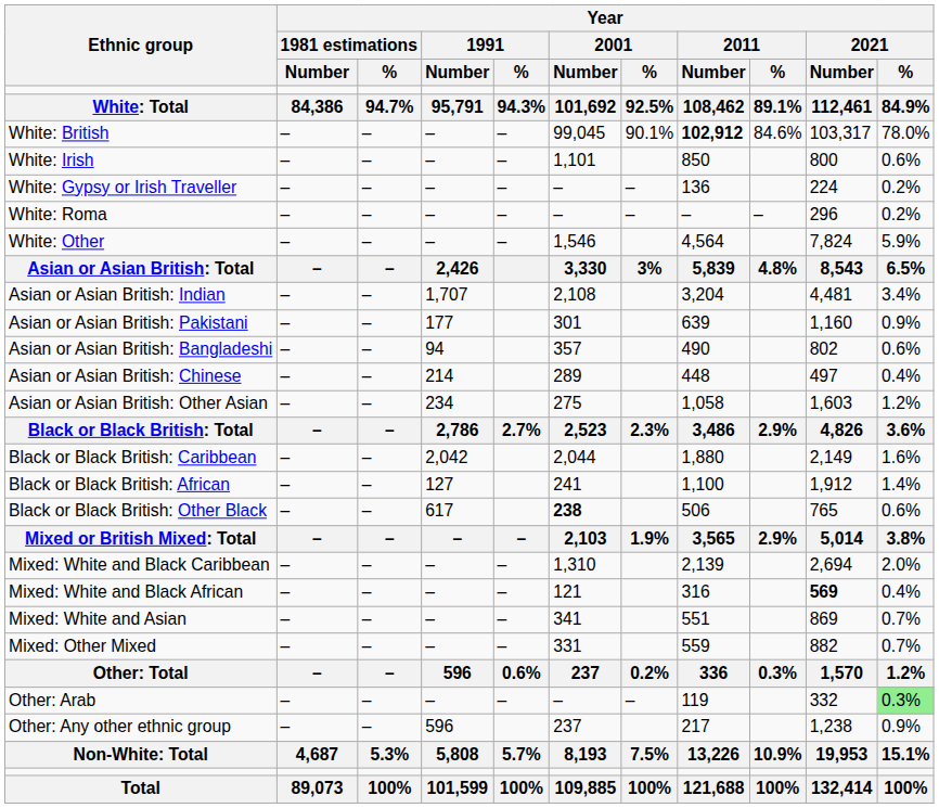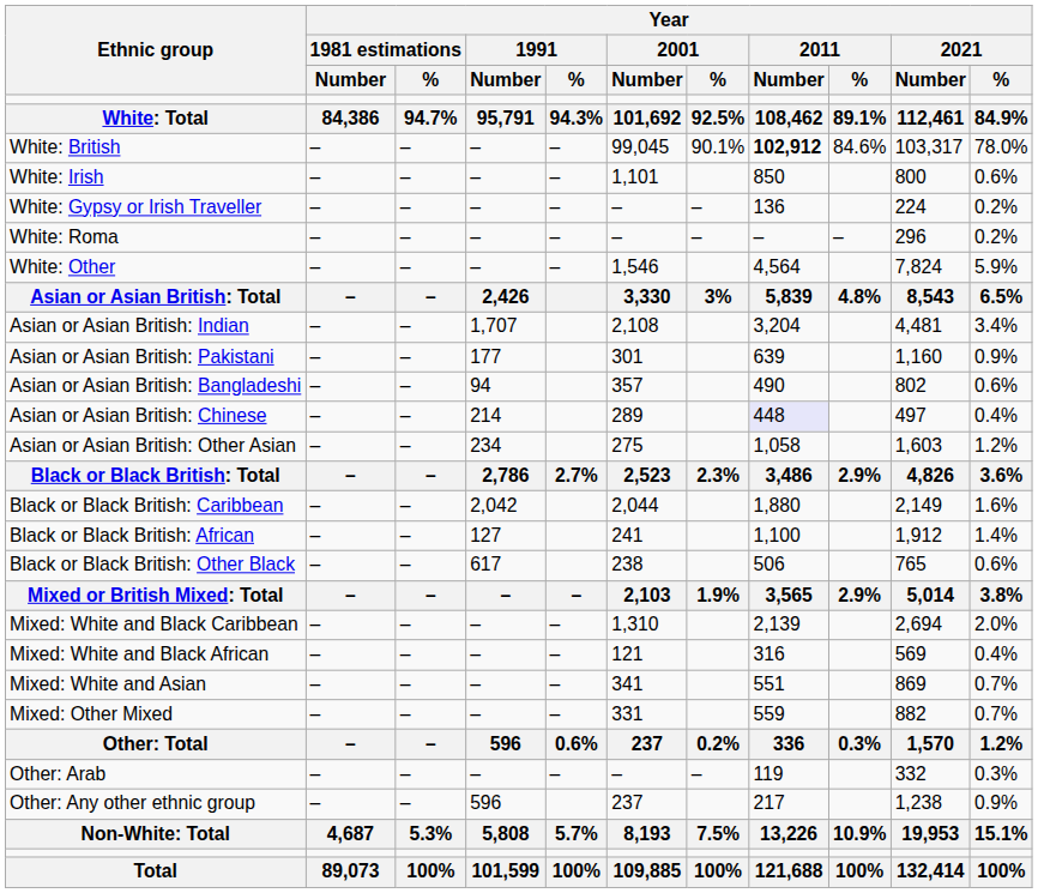 <table class="wikitable sortable mw-collapsible mw-collapsed">
 <tr>
 <th rowspan="3">Ethnic group</th>
 <th colspan="10">Year</th>
 </tr>
 <tr>
 <th colspan="2">1981 estimations</th>
 <th colspan="2">1991</th>
 <th colspan="2">2001</th>
 <th colspan="2">2011</th>
 <th colspan="2">2021</th>
 </tr>
 <tr>
 <th>Number</th>
 <th>%</th>
 <th>Number</th>
 <th>%</th>
 <th>Number</th>
 <th>%</th>
 <th>Number</th>
 <th>%</th>
 <th>Number</th>
 <th>%</th>
 </tr>
 <tr>
 <td></td>
 <td></td>
 <td></td>
 <td></td>
 <td></td>
 <td></td>
 <td></td>
 <td></td>
 <td></td>
 <td></td>
 <td></td>
 </tr>
 <tr>
 <th><a href='#'>White</a>: Total</th>
 <th>84,386</th>
 <th>94.7%</th>
 <th>95,791</th>
 <th>94.3%</th>
 <th>101,692</th>
 <th>92.5%</th>
 <th>108,462</th>
 <th>89.1%</th>
 <th>112,461</th>
 <th>84.9%</th>
 </tr>
 <tr>
 <td>White: <a href='#'>British</a></td>
 <td>–</td>
 <td>–</td>
 <td>–</td>
 <td>–</td>
 <td>99,045</td>
 <td>90.1%</td>
 <td><strong>102,912</strong></td>
 <td>84.6%</td>
 <td>103,317</td>
 <td>78.0%</td>
 </tr>
 <tr>
 <td>White: <a href='#'>Irish</a></td>
 <td>–</td>
 <td>–</td>
 <td>–</td>
 <td>–</td>
 <td>1,101</td>
 <td></td>
 <td>850</td>
 <td></td>
 <td>800</td>
 <td>0.6%</td>
 </tr>
 <tr>
 <td>White: <a href='#'>Gypsy or Irish Traveller</a></td>
 <td>–</td>
 <td>–</td>
 <td>–</td>
 <td>–</td>
 <td>–</td>
 <td>–</td>
 <td>136</td>
 <td></td>
 <td>224</td>
 <td>0.2%</td>
 </tr>
 <tr>
 <td>White: Roma</td>
 <td>–</td>
 <td>–</td>
 <td>–</td>
 <td>–</td>
 <td>–</td>
 <td>–</td>
 <td>–</td>
 <td>–</td>
 <td>296</td>
 <td>0.2%</td>
 </tr>
 <tr>
 <td>White: <a href='#'>Other</a></td>
 <td>–</td>
 <td>–</td>
 <td>–</td>
 <td>–</td>
 <td>1,546</td>
 <td></td>
 <td>4,564</td>
 <td></td>
 <td>7,824</td>
 <td>5.9%</td>
 </tr>
 <tr>
 <th><a href='#'>Asian or Asian British</a>: Total</th>
 <th>–</th>
 <th>–</th>
 <th>2,426</th>
 <th></th>
 <th>3,330</th>
 <th>3%</th>
 <th>5,839</th>
 <th>4.8%</th>
 <th>8,543</th>
 <th>6.5%</th>
 </tr>
 <tr>
 <td>Asian or Asian British: <a href='#'>Indian</a></td>
 <td>–</td>
 <td>–</td>
 <td>1,707</td>
 <td></td>
 <td>2,108</td>
 <td></td>
 <td>3,204</td>
 <td></td>
 <td>4,481</td>
 <td>3.4%</td>
 </tr>
 <tr>
 <td>Asian or Asian British: <a href='#'>Pakistani</a></td>
 <td>–</td>
 <td>–</td>
 <td>177</td>
 <td></td>
 <td>301</td>
 <td></td>
 <td>639</td>
 <td></td>
 <td>1,160</td>
 <td>0.9%</td>
 </tr>
 <tr>
 <td>Asian or Asian British: <a href='#'>Bangladeshi</a></td>
 <td>–</td>
 <td>–</td>
 <td>94</td>
 <td></td>
 <td>357</td>
 <td></td>
 <td>490</td>
 <td></td>
 <td>802</td>
 <td>0.6%</td>
 </tr>
 <tr>
 <td>Asian or Asian British: <a href='#'>Chinese</a></td>
 <td>–</td>
 <td>–</td>
 <td>214</td>
 <td></td>
 <td>289</td>
 <td></td>
-<td>448</td>
+<td style="background: lavender;">448</td>
 <td></td>
 <td>497</td>
 <td>0.4%</td>
 </tr>
 <tr>
 <td>Asian or Asian British: Other Asian</td>
 <td>–</td>
 <td>–</td>
 <td>234</td>
 <td></td>
 <td>275</td>
 <td></td>
 <td>1,058</td>
 <td></td>
 <td>1,603</td>
 <td>1.2%</td>
 </tr>
 <tr>
 <th><a href='#'>Black or Black British</a>: Total</th>
 <th>–</th>
 <th>–</th>
 <th>2,786</th>
 <th>2.7%</th>
 <th>2,523</th>
 <th>2.3%</th>
 <th>3,486</th>
 <th>2.9%</th>
 <th>4,826</th>
 <th>3.6%</th>
 </tr>
 <tr>
 <td>Black or Black British: <a href='#'>Caribbean</a></td>
 <td>–</td>
 <td>–</td>
 <td>2,042</td>
 <td></td>
 <td>2,044</td>
 <td></td>
 <td>1,880</td>
 <td></td>
 <td>2,149</td>
 <td>1.6%</td>
 </tr>
 <tr>
 <td>Black or Black British: <a href='#'>African</a></td>
 <td>–</td>
 <td>–</td>
 <td>127</td>
 <td></td>
 <td>241</td>
 <td></td>
 <td>1,100</td>
 <td></td>
 <td>1,912</td>
 <td>1.4%</td>
 </tr>
 <tr>
 <td>Black or Black British: <a href='#'>Other Black</a></td>
 <td>–</td>
 <td>–</td>
 <td>617</td>
 <td></td>
-<td><strong>238</strong></td>
+<td>238</td>
 <td></td>
 <td>506</td>
 <td></td>
 <td>765</td>
 <td>0.6%</td>
 </tr>
 <tr>
 <th><a href='#'>Mixed or British Mixed</a>: Total</th>
 <th>–</th>
 <th>–</th>
 <th>–</th>
 <th>–</th>
 <th>2,103</th>
 <th>1.9%</th>
 <th>3,565</th>
 <th>2.9%</th>
 <th>5,014</th>
 <th>3.8%</th>
 </tr>
 <tr>
 <td>Mixed: White and Black Caribbean</td>
 <td>–</td>
 <td>–</td>
 <td>–</td>
 <td>–</td>
 <td>1,310</td>
 <td></td>
 <td>2,139</td>
 <td></td>
 <td>2,694</td>
 <td>2.0%</td>
 </tr>
 <tr>
 <td>Mixed: White and Black African</td>
 <td>–</td>
 <td>–</td>
 <td>–</td>
 <td>–</td>
 <td>121</td>
 <td></td>
 <td>316</td>
 <td></td>
-<td><strong>569</strong></td>
+<td>569</td>
 <td>0.4%</td>
 </tr>
 <tr>
 <td>Mixed: White and Asian</td>
 <td>–</td>
 <td>–</td>
 <td>–</td>
 <td>–</td>
 <td>341</td>
 <td></td>
 <td>551</td>
 <td></td>
 <td>869</td>
 <td>0.7%</td>
 </tr>
 <tr>
 <td>Mixed: Other Mixed</td>
 <td>–</td>
 <td>–</td>
 <td>–</td>
 <td>–</td>
 <td>331</td>
 <td></td>
 <td>559</td>
 <td></td>
 <td>882</td>
 <td>0.7%</td>
 </tr>
 <tr>
 <th>Other: Total</th>
 <th>–</th>
 <th>–</th>
 <th>596</th>
 <th>0.6%</th>
 <th>237</th>
 <th>0.2%</th>
 <th>336</th>
 <th>0.3%</th>
 <th>1,570</th>
 <th>1.2%</th>
 </tr>
 <tr>
 <td>Other: Arab</td>
 <td>–</td>
 <td>–</td>
 <td>–</td>
 <td>–</td>
 <td>–</td>
 <td>–</td>
 <td>119</td>
 <td></td>
 <td>332</td>
-<td style="background: lightgreen;">0.3%</td>
+<td>0.3%</td>
 </tr>
 <tr>
 <td>Other: Any other ethnic group</td>
 <td>–</td>
 <td>–</td>
 <td>596</td>
 <td></td>
 <td>237</td>
 <td></td>
 <td>217</td>
 <td></td>
 <td>1,238</td>
 <td>0.9%</td>
 </tr>
 <tr>
 <th>Non-White: Total</th>
 <th>4,687</th>
 <th>5.3%</th>
 <th>5,808</th>
 <th>5.7%</th>
 <th>8,193</th>
 <th>7.5%</th>
 <th>13,226</th>
 <th>10.9%</th>
 <th>19,953</th>
 <th>15.1%</th>
 </tr>
 <tr>
 <td></td>
 <td></td>
 <td></td>
 <td></td>
 <td></td>
 <td></td>
 <td></td>
 <td></td>
 <td></td>
 <td></td>
 <td></td>
 </tr>
 <tr>
 <th>Total</th>
 <th>89,073</th>
 <th>100%</th>
 <th>101,599</th>
 <th>100%</th>
 <th>109,885</th>
 <th>100%</th>
 <th>121,688</th>
 <th>100%</th>
 <th>132,414</th>
 <th>100%</th>
 </tr>
 </table>
